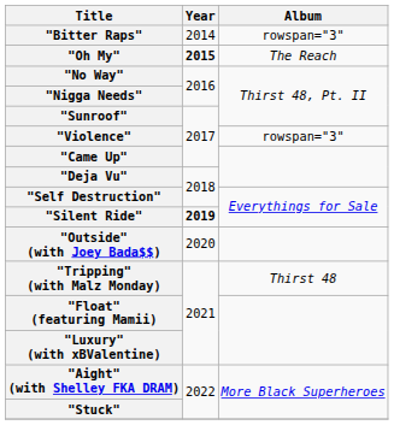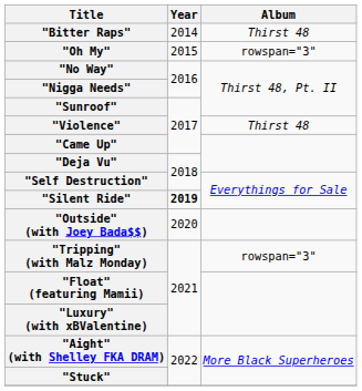 <table class="wikitable plainrowheaders" style="text-align:center;">
 <tr>
 <th scope="col">Title</th>
 <th scope="col">Year</th>
 <th scope="col">Album</th>
 </tr>
 <tr>
 <th scope="row">"Bitter Raps"</th>
 <td>2014</td>
-<td>rowspan="3"</td>
+<td><em>Thirst 48</em></td>
 </tr>
 <tr>
 <th scope="row">"Oh My"</th>
-<td><strong>2015</strong></td>
-<td><em>The Reach</em></td>
+<td>2015</td>
+<td>rowspan="3"</td>
 </tr>
 <tr>
 <th scope="row">"No Way"</th>
 <td rowspan="2">2016</td>
 <td rowspan="3"><em>Thirst 48, Pt. II</em></td>
 </tr>
 <tr>
 <th scope="row">"Nigga Needs"</th>
 </tr>
 <tr>
 <th scope="row">"Sunroof"</th>
 <td rowspan="3">2017</td>
 </tr>
 <tr>
 <th scope="row">"Violence"</th>
-<td>rowspan="3"</td>
+<td><em>Thirst 48</em></td>
 </tr>
 <tr>
 <th scope="row">"Came Up"</th>
 </tr>
 <tr>
 <th scope="row">"Deja Vu"</th>
 <td rowspan="2">2018</td>
 </tr>
 <tr>
 <th scope="row">"Self Destruction"</th>
 <td rowspan="2"><em><a href='#'>Everythings for Sale</a></em></td>
 </tr>
 <tr>
 <th scope="row">"Silent Ride"</th>
 <td><strong>2019</strong></td>
 </tr>
 <tr>
 <th scope="row">"Outside"<br><span>(with <a href='#'>Joey Bada$$</a>)</span></th>
 <td>2020</td>
 <td></td>
 </tr>
 <tr>
 <th scope="row">"Tripping" <br><span>(with Malz Monday)</span></th>
 <td rowspan="3">2021</td>
-<td><em>Thirst 48</em></td>
+<td>rowspan="3"</td>
 </tr>
 <tr>
 <th scope="row">"Float" <br><span>(featuring Mamii)</span></th>
 </tr>
 <tr>
 <th scope="row">"Luxury" <br><span>(with xBValentine)</span></th>
 </tr>
 <tr>
 <th scope="row">"Aight" <br><span>(with <a href='#'>Shelley FKA DRAM</a>)</span></th>
 <td rowspan="2">2022</td>
 <td rowspan="2"><em><a href='#'>More Black Superheroes</a></em></td>
 </tr>
 <tr>
 <th scope="row">"Stuck"</th>
 </tr>
 <tr>
 </tr>
 </table>
